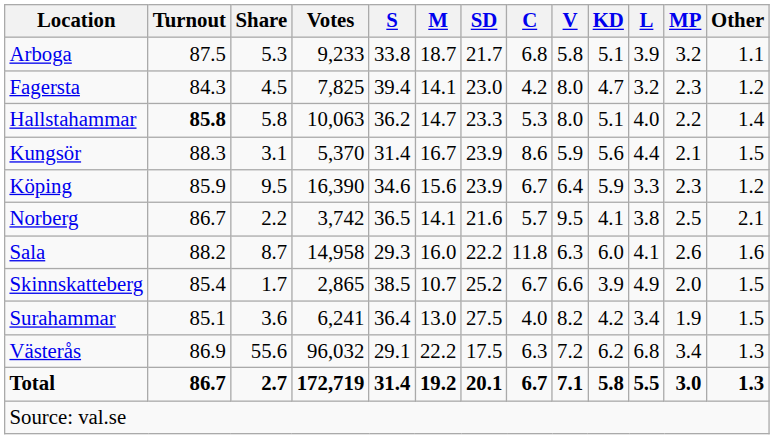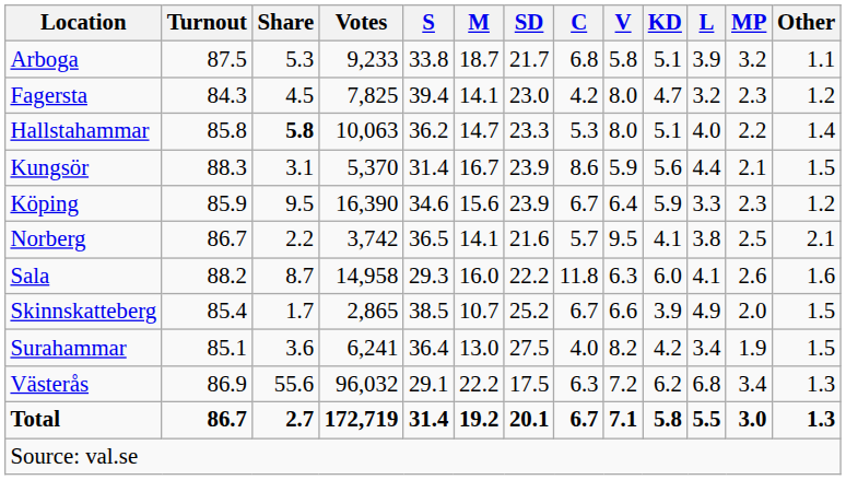 <table class="wikitable sortable" style=text-align:right>
 <tr>
 <th>Location</th>
 <th>Turnout</th>
 <th>Share</th>
 <th>Votes</th>
 <th><a href='#'>S</a></th>
 <th><a href='#'>M</a></th>
 <th><a href='#'>SD</a></th>
 <th><a href='#'>C</a></th>
 <th><a href='#'>V</a></th>
 <th><a href='#'>KD</a></th>
 <th><a href='#'>L</a></th>
 <th><a href='#'>MP</a></th>
 <th>Other</th>
 </tr>
 <tr>
 <td align=left><a href='#'>Arboga</a></td>
 <td>87.5</td>
 <td>5.3</td>
 <td>9,233</td>
 <td>33.8</td>
 <td>18.7</td>
 <td>21.7</td>
 <td>6.8</td>
 <td>5.8</td>
 <td>5.1</td>
 <td>3.9</td>
 <td>3.2</td>
 <td>1.1</td>
 </tr>
 <tr>
 <td align=left><a href='#'>Fagersta</a></td>
 <td>84.3</td>
 <td>4.5</td>
 <td>7,825</td>
 <td>39.4</td>
 <td>14.1</td>
 <td>23.0</td>
 <td>4.2</td>
 <td>8.0</td>
 <td>4.7</td>
 <td>3.2</td>
 <td>2.3</td>
 <td>1.2</td>
 </tr>
 <tr>
 <td align=left><a href='#'>Hallstahammar</a></td>
-<td><strong>85.8</strong></td>
-<td>5.8</td>
+<td>85.8</td>
+<td><strong>5.8</strong></td>
 <td>10,063</td>
 <td>36.2</td>
 <td>14.7</td>
 <td>23.3</td>
 <td>5.3</td>
 <td>8.0</td>
 <td>5.1</td>
 <td>4.0</td>
 <td>2.2</td>
 <td>1.4</td>
 </tr>
 <tr>
 <td align=left><a href='#'>Kungsör</a></td>
 <td>88.3</td>
 <td>3.1</td>
 <td>5,370</td>
 <td>31.4</td>
 <td>16.7</td>
 <td>23.9</td>
 <td>8.6</td>
 <td>5.9</td>
 <td>5.6</td>
 <td>4.4</td>
 <td>2.1</td>
 <td>1.5</td>
 </tr>
 <tr>
 <td align=left><a href='#'>Köping</a></td>
 <td>85.9</td>
 <td>9.5</td>
 <td>16,390</td>
 <td>34.6</td>
 <td>15.6</td>
 <td>23.9</td>
 <td>6.7</td>
 <td>6.4</td>
 <td>5.9</td>
 <td>3.3</td>
 <td>2.3</td>
 <td>1.2</td>
 </tr>
 <tr>
 <td align=left><a href='#'>Norberg</a></td>
 <td>86.7</td>
 <td>2.2</td>
 <td>3,742</td>
 <td>36.5</td>
 <td>14.1</td>
 <td>21.6</td>
 <td>5.7</td>
 <td>9.5</td>
 <td>4.1</td>
 <td>3.8</td>
 <td>2.5</td>
 <td>2.1</td>
 </tr>
 <tr>
 <td align=left><a href='#'>Sala</a></td>
 <td>88.2</td>
 <td>8.7</td>
 <td>14,958</td>
 <td>29.3</td>
 <td>16.0</td>
 <td>22.2</td>
 <td>11.8</td>
 <td>6.3</td>
 <td>6.0</td>
 <td>4.1</td>
 <td>2.6</td>
 <td>1.6</td>
 </tr>
 <tr>
 <td align=left><a href='#'>Skinnskatteberg</a></td>
 <td>85.4</td>
 <td>1.7</td>
 <td>2,865</td>
 <td>38.5</td>
 <td>10.7</td>
 <td>25.2</td>
 <td>6.7</td>
 <td>6.6</td>
 <td>3.9</td>
 <td>4.9</td>
 <td>2.0</td>
 <td>1.5</td>
 </tr>
 <tr>
 <td align=left><a href='#'>Surahammar</a></td>
 <td>85.1</td>
 <td>3.6</td>
 <td>6,241</td>
 <td>36.4</td>
 <td>13.0</td>
 <td>27.5</td>
 <td>4.0</td>
 <td>8.2</td>
 <td>4.2</td>
 <td>3.4</td>
 <td>1.9</td>
 <td>1.5</td>
 </tr>
 <tr>
 <td align=left><a href='#'>Västerås</a></td>
 <td>86.9</td>
 <td>55.6</td>
 <td>96,032</td>
 <td>29.1</td>
 <td>22.2</td>
 <td>17.5</td>
 <td>6.3</td>
 <td>7.2</td>
 <td>6.2</td>
 <td>6.8</td>
 <td>3.4</td>
 <td>1.3</td>
 </tr>
 <tr>
 <td align=left><strong>Total</strong></td>
 <td><strong>86.7</strong></td>
 <td><strong>2.7</strong></td>
 <td><strong>172,719</strong></td>
 <td><strong>31.4</strong></td>
 <td><strong>19.2</strong></td>
 <td><strong>20.1</strong></td>
 <td><strong>6.7</strong></td>
 <td><strong>7.1</strong></td>
 <td><strong>5.8</strong></td>
 <td><strong>5.5</strong></td>
 <td><strong>3.0</strong></td>
 <td><strong>1.3</strong></td>
 </tr>
 <tr>
 <td align=left colspan=13>Source: val.se</td>
 </tr>
 </table>
